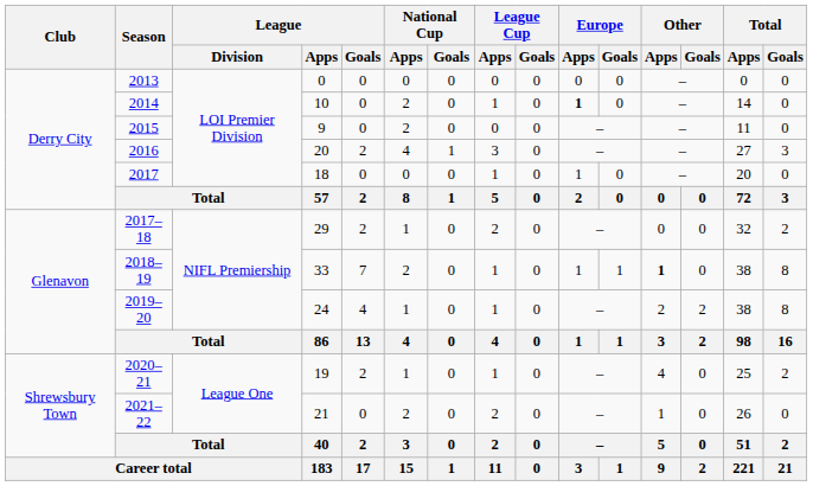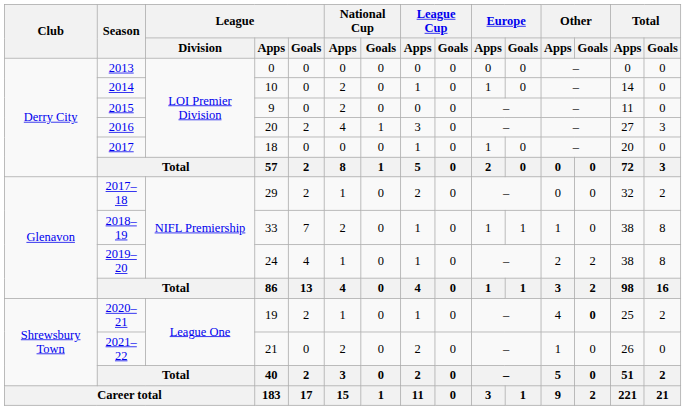 <table class=wikitable style="text-align: center">
 <tr>
 <th rowspan=2>Club</th>
 <th rowspan=2>Season</th>
 <th colspan=3>League</th>
 <th colspan=2>National Cup</th>
 <th colspan=2><a href='#'>League Cup</a></th>
 <th colspan=2><a href='#'>Europe</a></th>
 <th colspan=2>Other</th>
 <th colspan=2>Total</th>
 </tr>
 <tr>
 <th>Division</th>
 <th>Apps</th>
 <th>Goals</th>
 <th>Apps</th>
 <th>Goals</th>
 <th>Apps</th>
 <th>Goals</th>
 <th>Apps</th>
 <th>Goals</th>
 <th>Apps</th>
 <th>Goals</th>
 <th>Apps</th>
 <th>Goals</th>
 </tr>
 <tr>
 <td rowspan=6><a href='#'>Derry City</a></td>
 <td><a href='#'>2013</a></td>
 <td rowspan=5><a href='#'>LOI Premier Division</a></td>
 <td>0</td>
 <td>0</td>
 <td>0</td>
 <td>0</td>
 <td>0</td>
 <td>0</td>
 <td>0</td>
 <td>0</td>
 <td colspan=2>–</td>
 <td>0</td>
 <td>0</td>
 </tr>
 <tr>
 <td><a href='#'>2014</a></td>
 <td>10</td>
 <td>0</td>
 <td>2</td>
 <td>0</td>
 <td>1</td>
 <td>0</td>
-<td><strong>1</strong></td>
+<td>1</td>
 <td>0</td>
 <td colspan=2>–</td>
 <td>14</td>
 <td>0</td>
 </tr>
 <tr>
 <td><a href='#'>2015</a></td>
 <td>9</td>
 <td>0</td>
 <td>2</td>
 <td>0</td>
 <td>0</td>
 <td>0</td>
 <td colspan=2>–</td>
 <td colspan=2>–</td>
 <td>11</td>
 <td>0</td>
 </tr>
 <tr>
 <td><a href='#'>2016</a></td>
 <td>20</td>
 <td>2</td>
 <td>4</td>
 <td>1</td>
 <td>3</td>
 <td>0</td>
 <td colspan=2>–</td>
 <td colspan=2>–</td>
 <td>27</td>
 <td>3</td>
 </tr>
 <tr>
 <td><a href='#'>2017</a></td>
 <td>18</td>
 <td>0</td>
 <td>0</td>
 <td>0</td>
 <td>1</td>
 <td>0</td>
 <td>1</td>
 <td>0</td>
 <td colspan=2>–</td>
 <td>20</td>
 <td>0</td>
 </tr>
 <tr>
 <th colspan=2>Total</th>
 <th>57</th>
 <th>2</th>
 <th>8</th>
 <th>1</th>
 <th>5</th>
 <th>0</th>
 <th>2</th>
 <th>0</th>
 <th>0</th>
 <th>0</th>
 <th>72</th>
 <th>3</th>
 </tr>
 <tr>
 <td rowspan=4><a href='#'>Glenavon</a></td>
 <td><a href='#'>2017–18</a></td>
 <td rowspan=3><a href='#'>NIFL Premiership</a></td>
 <td>29</td>
 <td>2</td>
 <td>1</td>
 <td>0</td>
 <td>2</td>
 <td>0</td>
 <td colspan=2>–</td>
 <td>0</td>
 <td>0</td>
 <td>32</td>
 <td>2</td>
 </tr>
 <tr>
 <td><a href='#'>2018–19</a></td>
 <td>33</td>
 <td>7</td>
 <td>2</td>
 <td>0</td>
 <td>1</td>
 <td>0</td>
 <td>1</td>
 <td>1</td>
-<td><strong>1</strong></td>
+<td>1</td>
 <td>0</td>
 <td>38</td>
 <td>8</td>
 </tr>
 <tr>
 <td><a href='#'>2019–20</a></td>
 <td>24</td>
 <td>4</td>
 <td>1</td>
 <td>0</td>
 <td>1</td>
 <td>0</td>
 <td colspan=2>–</td>
 <td>2</td>
 <td>2</td>
 <td>38</td>
 <td>8</td>
 </tr>
 <tr>
 <th colspan=2>Total</th>
 <th>86</th>
 <th>13</th>
 <th>4</th>
 <th>0</th>
 <th>4</th>
 <th>0</th>
 <th>1</th>
 <th>1</th>
 <th>3</th>
 <th>2</th>
 <th>98</th>
 <th>16</th>
 </tr>
 <tr>
 <td rowspan=3><a href='#'>Shrewsbury Town</a></td>
 <td><a href='#'>2020–21</a></td>
 <td rowspan=2><a href='#'>League One</a></td>
 <td>19</td>
 <td>2</td>
 <td>1</td>
 <td>0</td>
 <td>1</td>
 <td>0</td>
 <td colspan=2>–</td>
 <td>4</td>
-<td>0</td>
+<td><strong>0</strong></td>
 <td>25</td>
 <td>2</td>
 </tr>
 <tr>
 <td><a href='#'>2021–22</a></td>
 <td>21</td>
 <td>0</td>
 <td>2</td>
 <td>0</td>
 <td>2</td>
 <td>0</td>
 <td colspan=2>–</td>
 <td>1</td>
 <td>0</td>
 <td>26</td>
 <td>0</td>
 </tr>
 <tr>
 <th colspan=2>Total</th>
 <th>40</th>
 <th>2</th>
 <th>3</th>
 <th>0</th>
 <th>2</th>
 <th>0</th>
 <th colspan=2>–</th>
 <th>5</th>
 <th>0</th>
 <th>51</th>
 <th>2</th>
 </tr>
 <tr>
 <th colspan=3>Career total</th>
 <th>183</th>
 <th>17</th>
 <th>15</th>
 <th>1</th>
 <th>11</th>
 <th>0</th>
 <th>3</th>
 <th>1</th>
 <th>9</th>
 <th>2</th>
 <th>221</th>
 <th>21</th>
 </tr>
 </table>
